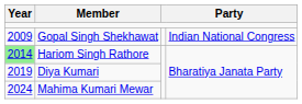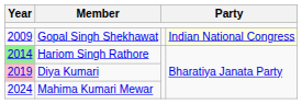 <table class="wikitable">
 <tr>
 <th>Year</th>
 <th>Member</th>
 <th colspan="2">Party</th>
 </tr>
 <tr>
 <td colspan="4"></td>
 </tr>
 <tr>
 <td><a href='#'>2009</a></td>
 <td><a href='#'>Gopal Singh Shekhawat</a></td>
 <td style="background-color: "></td>
-<td><a href='#'>Indian National Congress</a></td>
+<td style="background: lightyellow;"><a href='#'>Indian National Congress</a></td>
 </tr>
 <tr>
 <td style="background: lightgreen;"><a href='#'>2014</a></td>
 <td><a href='#'>Hariom Singh Rathore</a></td>
 <td rowspan="3" style="background-color: "></td>
 <td rowspan="3"><a href='#'>Bharatiya Janata Party</a></td>
 </tr>
 <tr>
-<td><a href='#'>2019</a></td>
+<td style="background: pink;"><a href='#'>2019</a></td>
 <td><a href='#'>Diya Kumari</a></td>
 </tr>
 <tr>
 <td><a href='#'>2024</a></td>
 <td><a href='#'>Mahima Kumari Mewar</a></td>
 </tr>
 </table>
